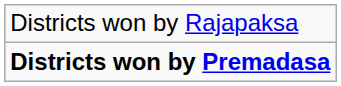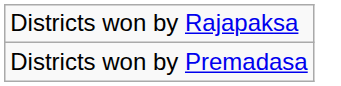 <table class="wikitable">
 <tr>
 <td>Districts won by <a href='#'>Rajapaksa</a></td>
 </tr>
 <tr>
-<td><strong>Districts won by <a href='#'>Premadasa</a></strong></td>
+<td>Districts won by <a href='#'>Premadasa</a></td>
 </tr>
 </table>
